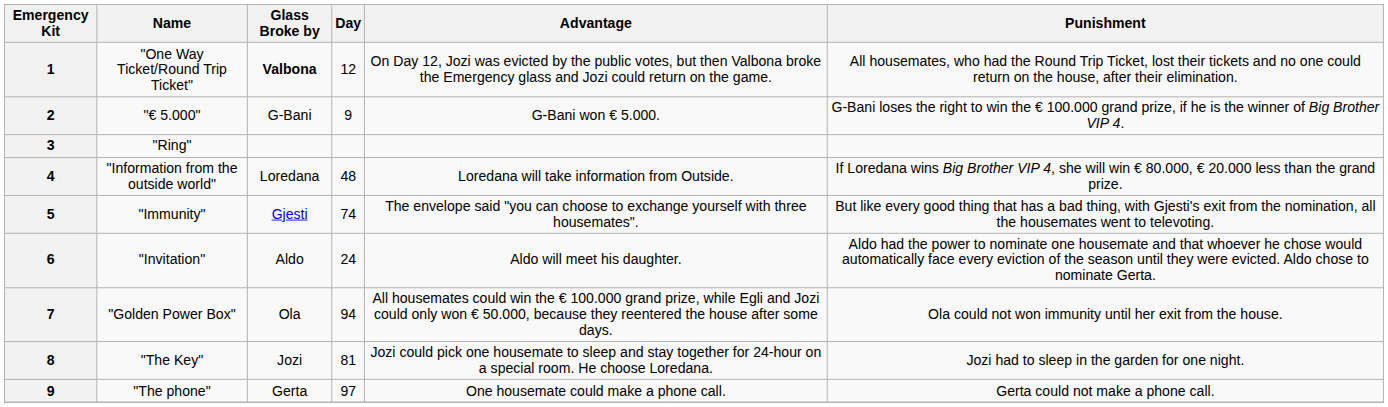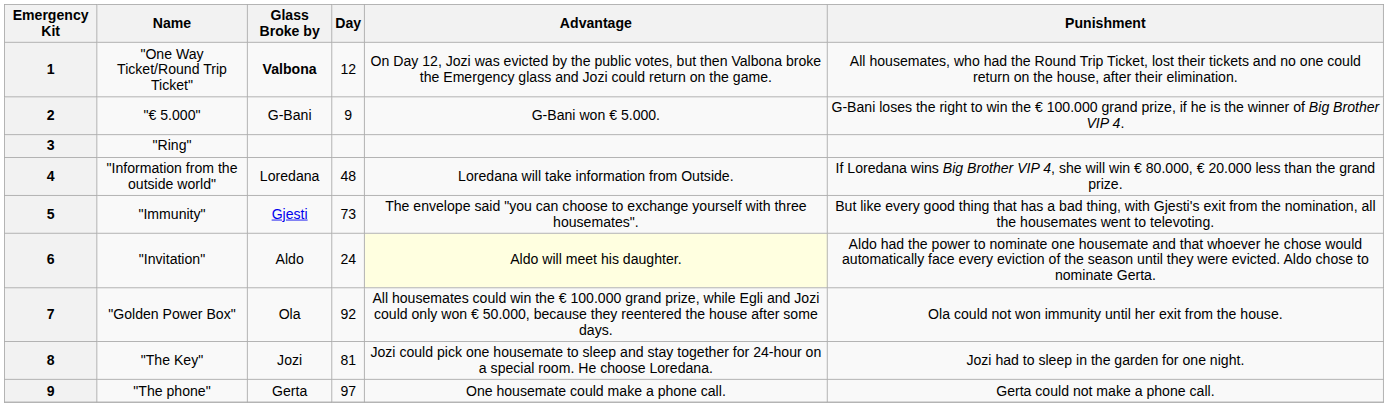 <table class="wikitable" style="text-align:center">
 <tr>
 <th scope="col">Emergency Kit</th>
 <th scope="col">Name</th>
 <th scope="col">Glass Broke by</th>
 <th scope="col">Day</th>
 <th scope="col">Advantage</th>
 <th scope="col">Punishment</th>
 </tr>
 <tr>
 <th scope="row">1</th>
 <td>"One Way Ticket/Round Trip Ticket"</td>
 <td><strong>Valbona</strong></td>
 <td>12</td>
 <td>On Day 12, Jozi was evicted by the public votes, but then Valbona broke the Emergency glass and Jozi could return on the game.</td>
 <td>All housemates, who had the Round Trip Ticket, lost their tickets and no one could return on the house, after their elimination.</td>
 </tr>
 <tr>
 <th scope="row">2</th>
 <td>"€ 5.000"</td>
 <td>G-Bani</td>
 <td>9</td>
 <td>G-Bani won € 5.000.</td>
 <td>G-Bani loses the right to win the € 100.000 grand prize, if he is the winner of <em>Big Brother VIP 4</em>.</td>
 </tr>
 <tr>
 <th scope="row">3</th>
 <td>"Ring"</td>
 <td></td>
 <td></td>
 <td></td>
 <td></td>
 </tr>
 <tr>
 <th scope="row">4</th>
 <td>"Information from the outside world"</td>
 <td>Loredana</td>
 <td>48</td>
 <td>Loredana will take information from Outside.</td>
 <td>If Loredana wins <em>Big Brother VIP 4</em>, she will win € 80.000, € 20.000 less than the grand prize.</td>
 </tr>
 <tr>
 <th scope="row">5</th>
 <td>"Immunity"</td>
 <td><a href='#'>Gjesti</a></td>
-<td>74</td>
+<td>73</td>
 <td>The envelope said "you can choose to exchange yourself with three housemates".</td>
 <td>But like every good thing that has a bad thing, with Gjesti's exit from the nomination, all the housemates went to televoting.</td>
 </tr>
 <tr>
 <th scope="row">6</th>
 <td>"Invitation"</td>
 <td>Aldo</td>
 <td>24</td>
-<td>Aldo will meet his daughter.</td>
+<td style="background: lightyellow;">Aldo will meet his daughter.</td>
 <td>Aldo had the power to nominate one housemate and that whoever he chose would automatically face every eviction of the season until they were evicted. Aldo chose to nominate Gerta.</td>
 </tr>
 <tr>
 <th scope="row">7</th>
 <td>"Golden Power Box"</td>
 <td>Ola</td>
-<td>94</td>
+<td>92</td>
 <td>All housemates could win the € 100.000 grand prize, while Egli and Jozi could only won € 50.000, because they reentered the house after some days.</td>
 <td>Ola could not won immunity until her exit from the house.</td>
 </tr>
 <tr>
 <th scope="row">8</th>
 <td>"The Key"</td>
 <td>Jozi</td>
 <td>81</td>
 <td>Jozi could pick one housemate to sleep and stay together for 24-hour on a special room. He choose Loredana.</td>
 <td>Jozi had to sleep in the garden for one night.</td>
 </tr>
 <tr>
 <th scope="row">9</th>
 <td>"The phone"</td>
 <td>Gerta</td>
 <td>97</td>
 <td>One housemate could make a phone call.</td>
 <td>Gerta could not make a phone call.</td>
 </tr>
 <tr>
 </tr>
 </table>
